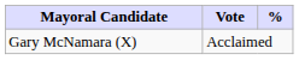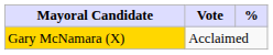 <table class="wikitable">
 <tr>
 <th style="background:#ddf; width:200px;">Mayoral Candidate </th>
 <th style="background:#ddf; width:50px;">Vote</th>
 <th style="background:#ddf; width:30px;">%</th>
 </tr>
 <tr>
-<td>Gary McNamara (X)</td>
+<td style="background: gold;">Gary McNamara (X)</td>
 <td colspan="2">Acclaimed</td>
 </tr>
 </table>
